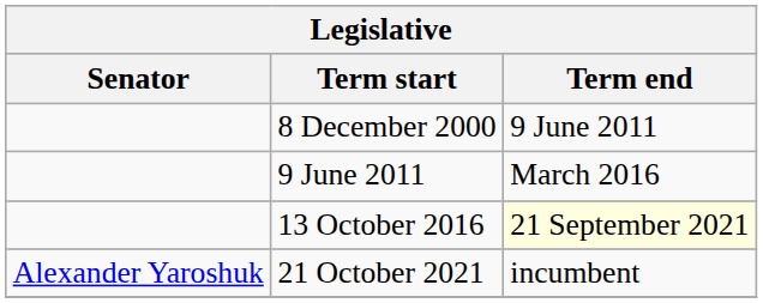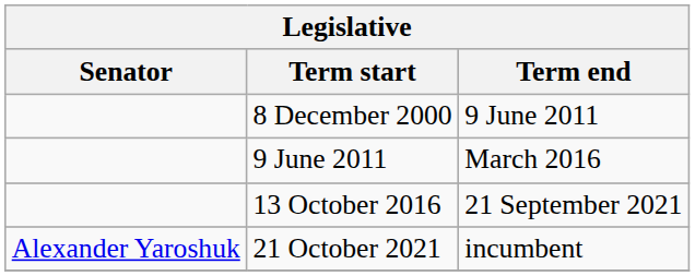 <table class="wikitable sortable">
 <tr>
 <th colspan=3>Legislative</th>
 </tr>
 <tr>
 <th>Senator</th>
 <th>Term start</th>
 <th>Term end</th>
 </tr>
 <tr>
 <td></td>
 <td>8 December 2000</td>
 <td>9 June 2011</td>
 </tr>
 <tr>
 <td></td>
 <td>9 June 2011</td>
 <td>March 2016</td>
 </tr>
 <tr>
 <td></td>
 <td>13 October 2016</td>
-<td style="background: lightyellow;">21 September 2021</td>
+<td>21 September 2021</td>
 </tr>
 <tr>
 <td><a href='#'>Alexander Yaroshuk</a></td>
 <td>21 October 2021</td>
 <td>incumbent</td>
 </tr>
 <tr>
 </tr>
 </table>
